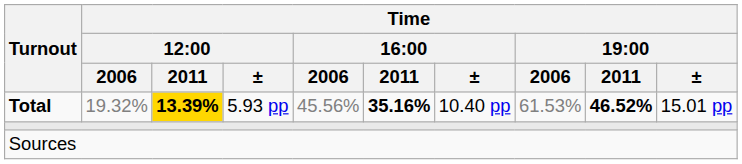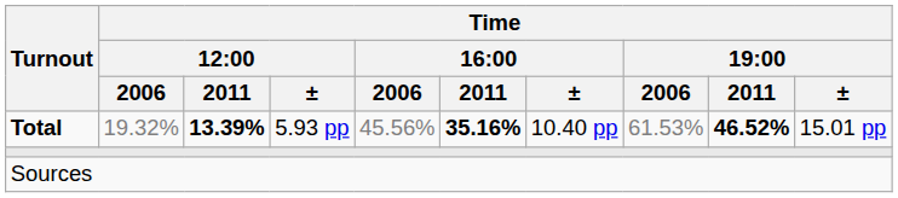 <table class="wikitable sortable" style="text-align:right;">
 <tr>
 <th rowspan="3">Turnout</th>
 <th colspan="9">Time</th>
 </tr>
 <tr>
 <th colspan="3">12:00</th>
 <th colspan="3">16:00</th>
 <th colspan="3">19:00</th>
 </tr>
 <tr>
 <th>2006</th>
 <th>2011</th>
 <th>±</th>
 <th>2006</th>
 <th>2011</th>
 <th>±</th>
 <th>2006</th>
 <th>2011</th>
 <th>±</th>
 </tr>
 <tr>
 <td align="left"><strong>Total</strong></td>
 <td style="color:gray;">19.32%</td>
-<td style="background: gold;"><strong>13.39%</strong></td>
+<td><strong>13.39%</strong></td>
 <td> 5.93 <a href='#'>pp</a></td>
 <td style="color:gray;">45.56%</td>
 <td><strong>35.16%</strong></td>
 <td> 10.40 <a href='#'>pp</a></td>
 <td style="color:gray;">61.53%</td>
 <td><strong>46.52%</strong></td>
 <td> 15.01 <a href='#'>pp</a></td>
 </tr>
 <tr>
 <td colspan="10" bgcolor="#E9E9E9"></td>
 </tr>
 <tr>
 <td align="left" colspan="10">Sources</td>
 </tr>
 </table>
